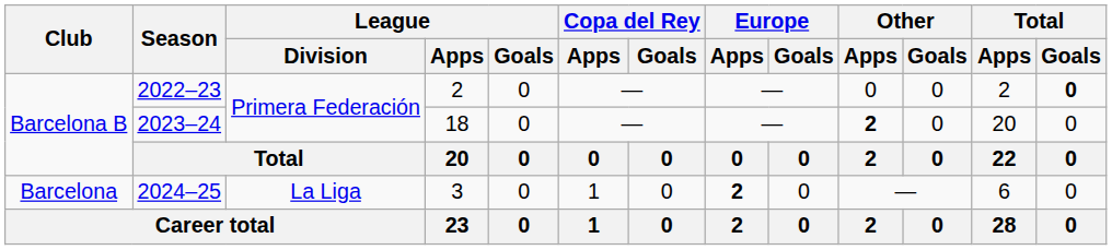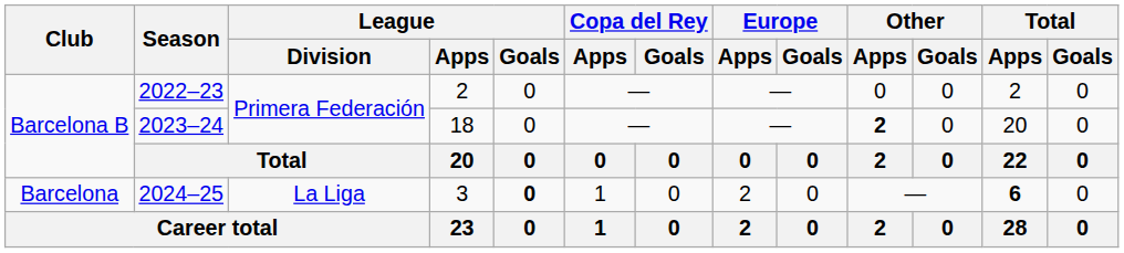 <table class=wikitable style=text-align:center>
 <tr>
 <th rowspan=2>Club</th>
 <th rowspan=2>Season</th>
 <th colspan=3>League</th>
 <th colspan=2><a href='#'>Copa del Rey</a></th>
 <th colspan=2><a href='#'>Europe</a></th>
 <th colspan=2>Other</th>
 <th colspan=2>Total</th>
 </tr>
 <tr>
 <th>Division</th>
 <th>Apps</th>
 <th>Goals</th>
 <th>Apps</th>
 <th>Goals</th>
 <th>Apps</th>
 <th>Goals</th>
 <th>Apps</th>
 <th>Goals</th>
 <th>Apps</th>
 <th>Goals</th>
 </tr>
 <tr>
 <td rowspan="3"><a href='#'>Barcelona B</a></td>
 <td><a href='#'>2022–23</a></td>
 <td rowspan="2"><a href='#'>Primera Federación</a></td>
 <td>2</td>
 <td>0</td>
 <td colspan="2">—</td>
 <td colspan="2">—</td>
 <td>0</td>
 <td>0</td>
 <td>2</td>
-<td><strong>0</strong></td>
+<td>0</td>
 </tr>
 <tr>
 <td><a href='#'>2023–24</a></td>
 <td>18</td>
 <td>0</td>
 <td colspan="2">—</td>
 <td colspan="2">—</td>
 <td><strong>2</strong></td>
 <td>0</td>
 <td>20</td>
 <td>0</td>
 </tr>
 <tr>
 <th colspan="2">Total</th>
 <th>20</th>
 <th>0</th>
 <th>0</th>
 <th>0</th>
 <th>0</th>
 <th>0</th>
 <th>2</th>
 <th>0</th>
 <th>22</th>
 <th>0</th>
 </tr>
 <tr>
 <td><a href='#'>Barcelona</a></td>
 <td><a href='#'>2024–25</a></td>
 <td><a href='#'>La Liga</a></td>
 <td>3</td>
-<td>0</td>
+<td><strong>0</strong></td>
 <td>1</td>
 <td>0</td>
-<td><strong>2</strong></td>
+<td>2</td>
 <td>0</td>
 <td colspan="2">—</td>
-<td>6</td>
+<td><strong>6</strong></td>
 <td>0</td>
 </tr>
 <tr>
 <th colspan="3">Career total</th>
 <th>23</th>
 <th>0</th>
 <th>1</th>
 <th>0</th>
 <th>2</th>
 <th>0</th>
 <th>2</th>
 <th>0</th>
 <th>28</th>
 <th>0</th>
 </tr>
 </table>
